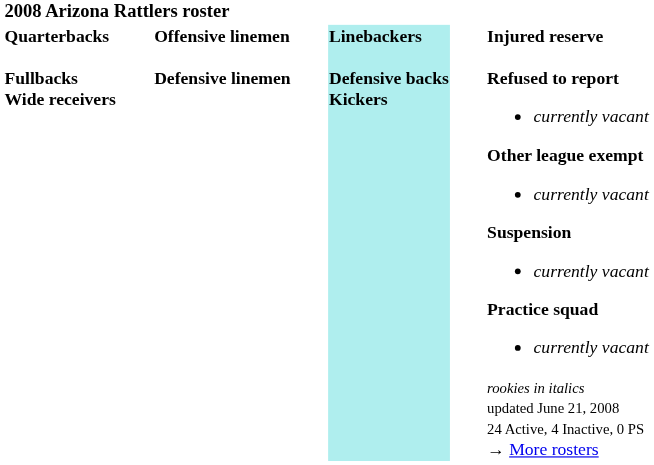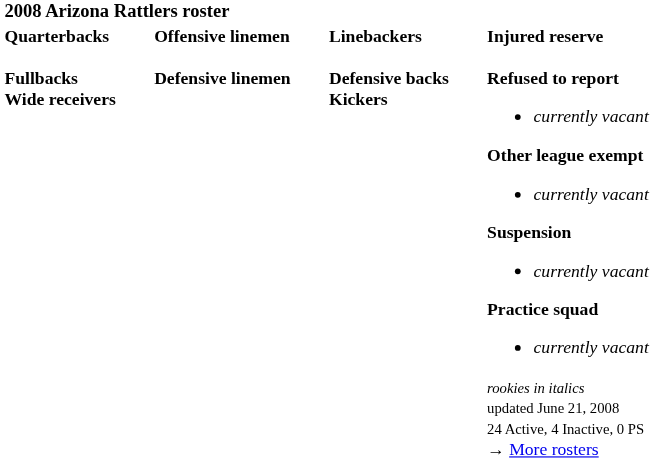 <table class="toccolours" style="text-align: left;">
 <tr>
 <th colspan="7"><strong>2008 Arizona Rattlers roster</strong></th>
 </tr>
 <tr>
 <td style="font-size: 95%;" valign="top"><strong>Quarterbacks</strong><br> <br><strong>Fullbacks</strong> <br><strong>Wide receivers</strong>    </td>
 <td style="width: 25px;"></td>
 <td style="font-size: 95%;" valign="top"><strong>Offensive linemen</strong><br>     <br><strong>Defensive linemen</strong>    </td>
 <td style="width: 25px;"></td>
-<td style="background: paleturquoise; font-size: 95%;" valign="top"><strong>Linebackers</strong><br><br><strong>Defensive backs</strong>     <br><strong>Kickers</strong> </td>
+<td style="font-size: 95%;" valign="top"><strong>Linebackers</strong><br><br><strong>Defensive backs</strong>     <br><strong>Kickers</strong> </td>
 <td style="width: 25px;"></td>
 <td style="font-size: 95%;" valign="top"><strong>Injured reserve</strong><br>   <br><strong>Refused to report</strong><ul><li><em>currently vacant</em></li></ul><strong>Other league exempt</strong><ul><li><em>currently vacant</em></li></ul><strong>Suspension</strong><ul><li><em>currently vacant</em></li></ul><strong>Practice squad</strong><ul><li><em>currently vacant</em></li></ul><small><em>rookies in italics</em><br>  updated June 21, 2008<br> 24 Active, 4 Inactive, 0 PS</small><br>→ <a href='#'>More rosters</a></td>
 </tr>
 <tr>
 </tr>
 </table>
